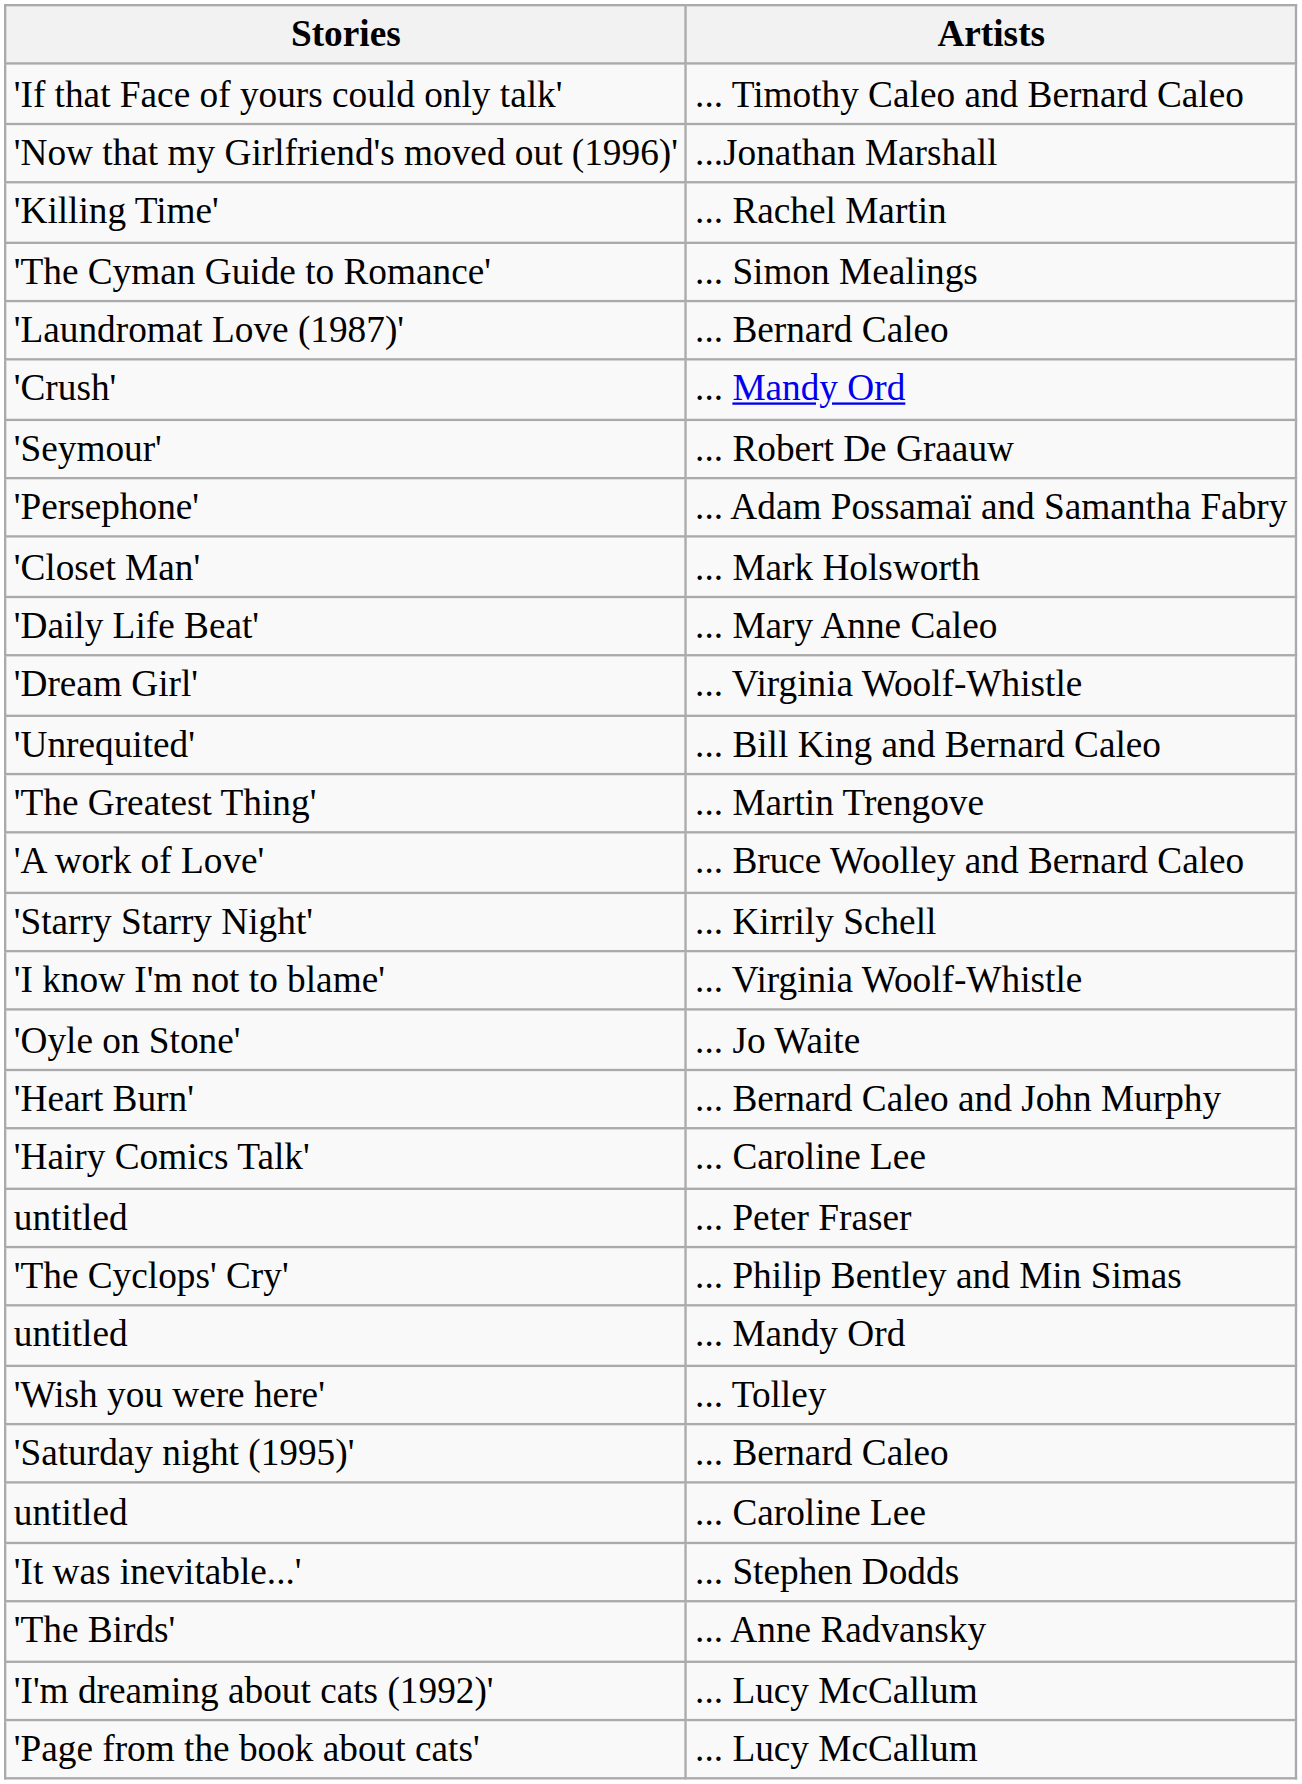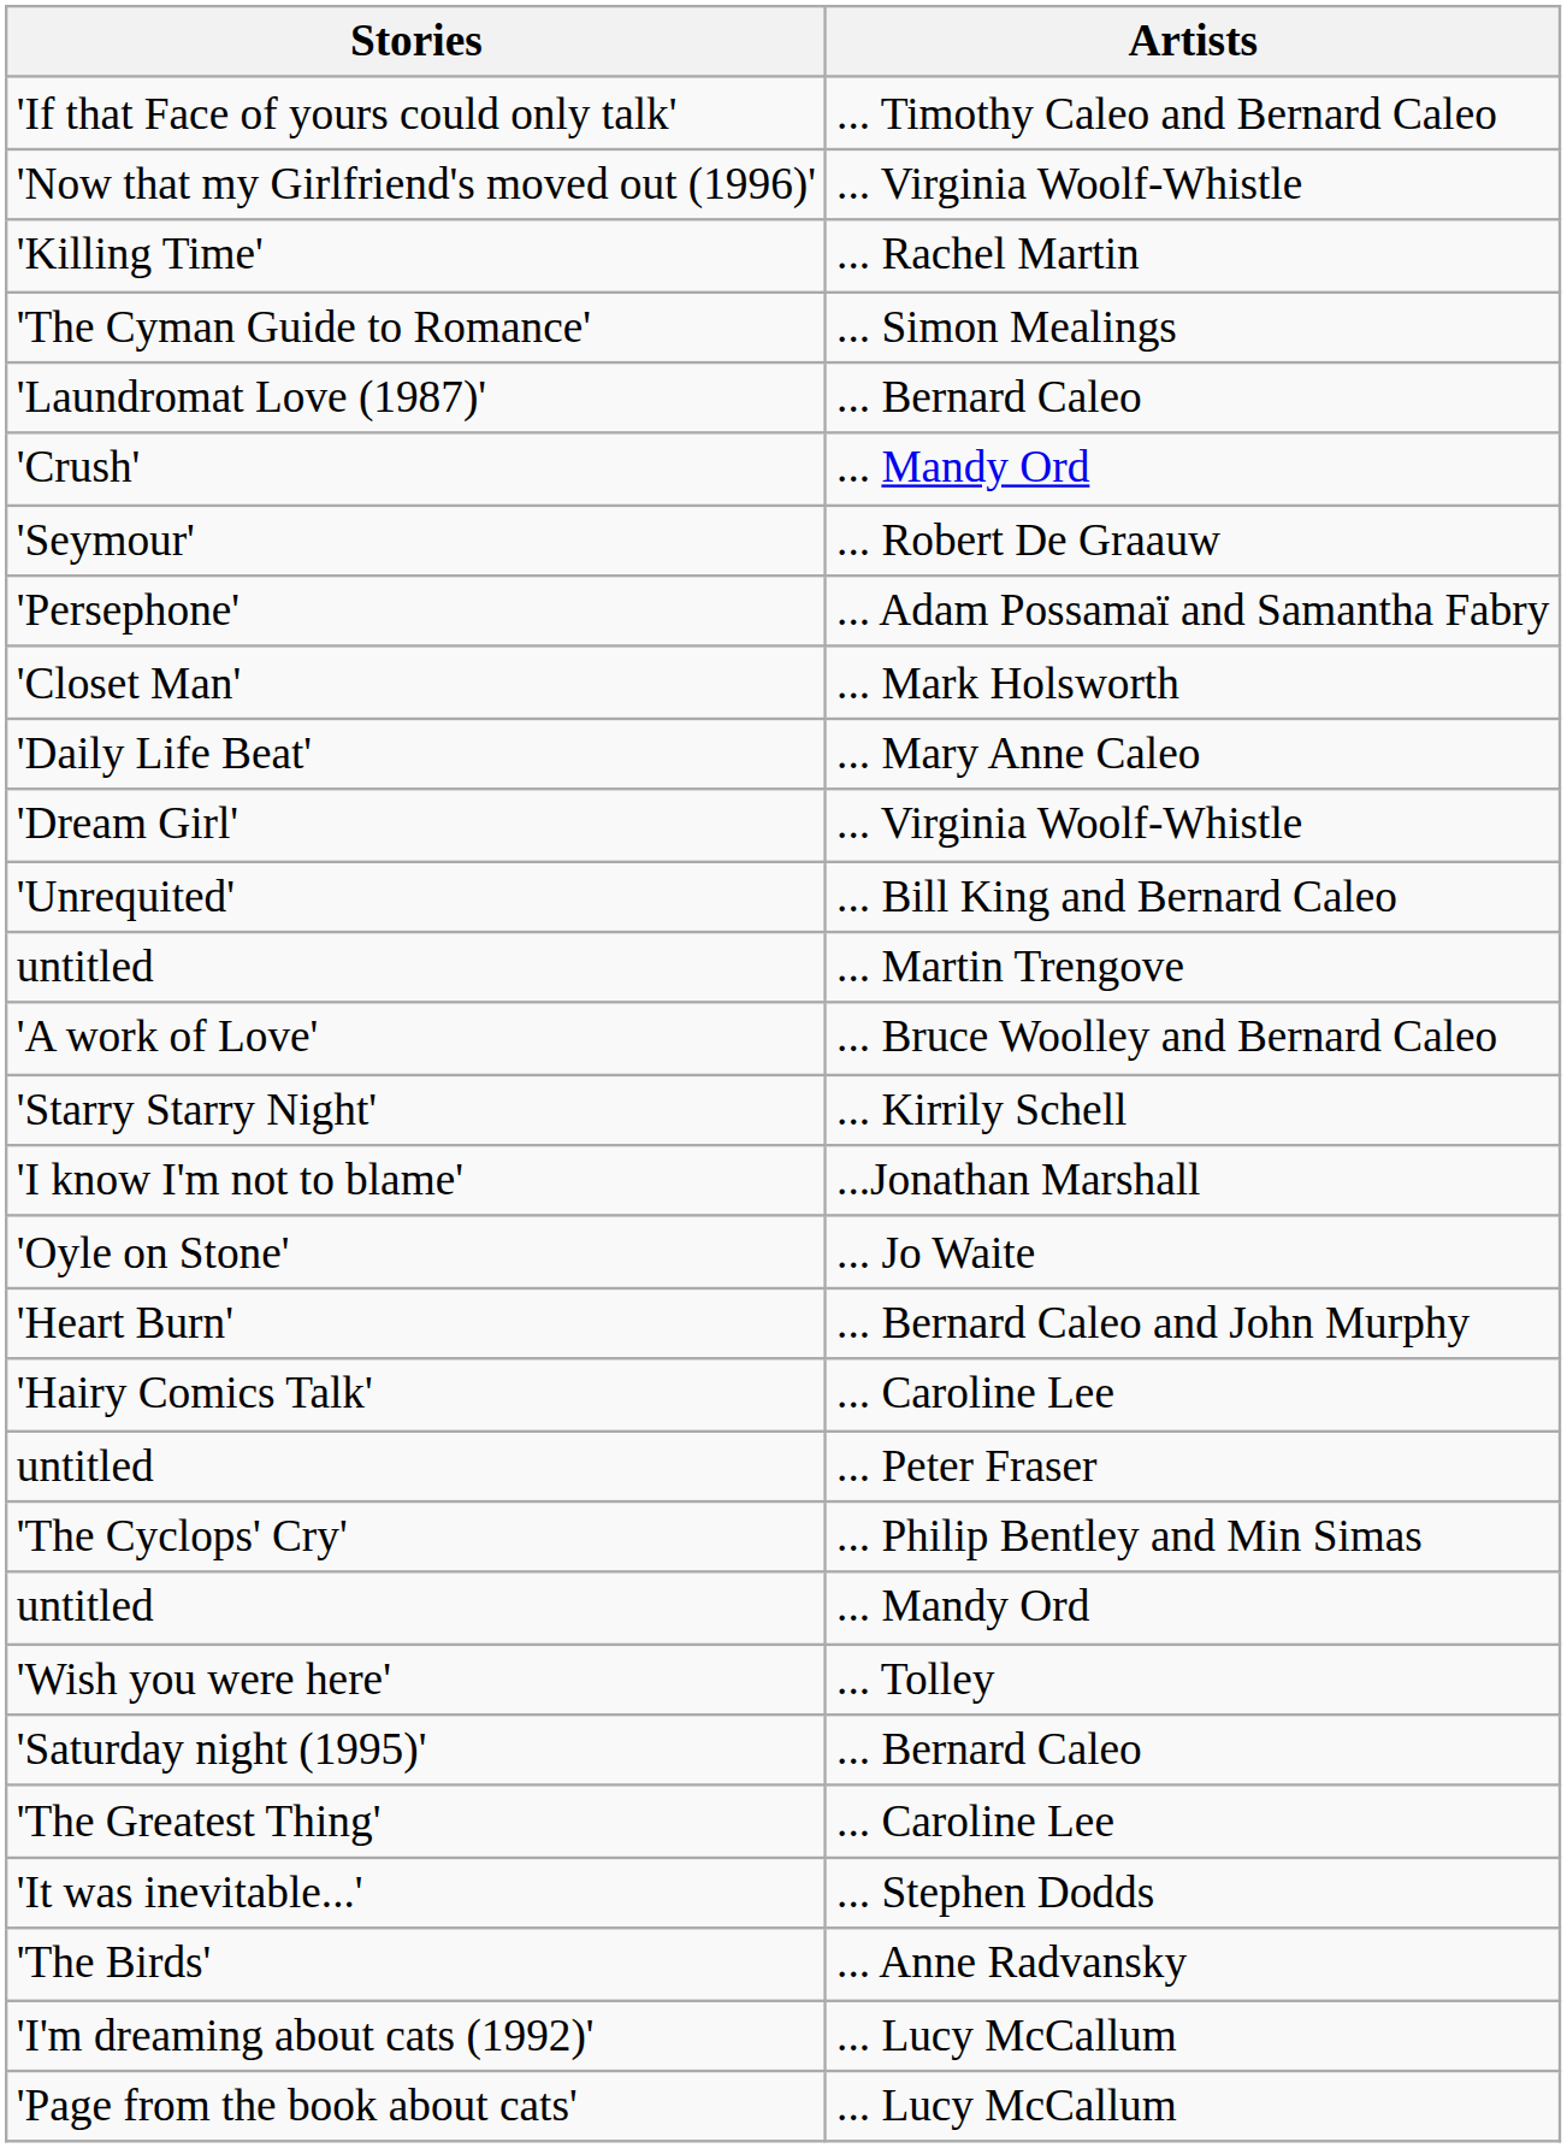 <table class="wikitable">
 <tr>
 <th>Stories</th>
 <th>Artists</th>
 </tr>
 <tr>
 <td>'If that Face of yours could only talk'</td>
 <td>... Timothy Caleo and Bernard Caleo</td>
 </tr>
 <tr>
 <td>'Now that my Girlfriend's moved out (1996)'</td>
-<td>...Jonathan Marshall</td>
+<td>... Virginia Woolf-Whistle</td>
 </tr>
 <tr>
 <td>'Killing Time'</td>
 <td>... Rachel Martin</td>
 </tr>
 <tr>
 <td>'The Cyman Guide to Romance'</td>
 <td>... Simon Mealings</td>
 </tr>
 <tr>
 <td>'Laundromat Love (1987)'</td>
 <td>... Bernard Caleo</td>
 </tr>
 <tr>
 <td>'Crush'</td>
 <td>... <a href='#'>Mandy Ord</a></td>
 </tr>
 <tr>
 <td>'Seymour'</td>
 <td>... Robert De Graauw</td>
 </tr>
 <tr>
 <td>'Persephone'</td>
 <td>... Adam Possamaï and Samantha Fabry</td>
 </tr>
 <tr>
 <td>'Closet Man'</td>
 <td>... Mark Holsworth</td>
 </tr>
 <tr>
 <td>'Daily Life Beat'</td>
 <td>... Mary Anne Caleo</td>
 </tr>
 <tr>
 <td>'Dream Girl'</td>
 <td>... Virginia Woolf-Whistle</td>
 </tr>
 <tr>
 <td>'Unrequited'</td>
 <td>... Bill King and Bernard Caleo</td>
 </tr>
 <tr>
-<td>'The Greatest Thing'</td>
+<td>untitled</td>
 <td>... Martin Trengove</td>
 </tr>
 <tr>
 <td>'A work of Love'</td>
 <td>... Bruce Woolley and Bernard Caleo</td>
 </tr>
 <tr>
 <td>'Starry Starry Night'</td>
 <td>... Kirrily Schell</td>
 </tr>
 <tr>
 <td>'I know I'm not to blame'</td>
-<td>... Virginia Woolf-Whistle</td>
+<td>...Jonathan Marshall</td>
 </tr>
 <tr>
 <td>'Oyle on Stone'</td>
 <td>... Jo Waite</td>
 </tr>
 <tr>
 <td>'Heart Burn'</td>
 <td>... Bernard Caleo and John Murphy</td>
 </tr>
 <tr>
 <td>'Hairy Comics Talk'</td>
 <td>... Caroline Lee</td>
 </tr>
 <tr>
 <td>untitled</td>
 <td>... Peter Fraser</td>
 </tr>
 <tr>
 <td>'The Cyclops' Cry'</td>
 <td>... Philip Bentley and Min Simas</td>
 </tr>
 <tr>
 <td>untitled</td>
 <td>... Mandy Ord</td>
 </tr>
 <tr>
 <td>'Wish you were here'</td>
 <td>... Tolley</td>
 </tr>
 <tr>
 <td>'Saturday night (1995)'</td>
 <td>... Bernard Caleo</td>
 </tr>
 <tr>
-<td>untitled</td>
+<td>'The Greatest Thing'</td>
 <td>... Caroline Lee</td>
 </tr>
 <tr>
 <td>'It was inevitable...'</td>
 <td>... Stephen Dodds</td>
 </tr>
 <tr>
 <td>'The Birds'</td>
 <td>... Anne Radvansky</td>
 </tr>
 <tr>
 <td>'I'm dreaming about cats (1992)'</td>
 <td>... Lucy McCallum</td>
 </tr>
 <tr>
 <td>'Page from the book about cats'</td>
 <td>... Lucy McCallum</td>
 </tr>
 </table>
